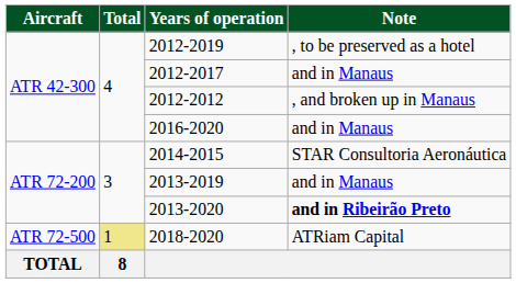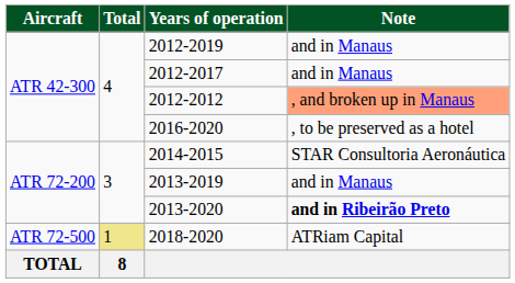 <table class="wikitable" style="margin: 1em auto;">
 <tr>
 <th style="background:#025324; color:white;">Aircraft</th>
 <th style="background:#025324; color:white;">Total</th>
 <th style="background:#025324; color:white;">Years of operation</th>
 <th style="background:#025324; color:white;">Note</th>
 </tr>
 <tr>
 <td rowspan="4"><div><a href='#'>ATR 42-300</a></div></td>
 <td rowspan="4"><div>4</div></td>
 <td><div>2012-2019</div></td>
-<td><div>, to be preserved as a hotel</div></td>
+<td><div> and  in <a href='#'>Manaus</a> </div></td>
 </tr>
 <tr>
 <td><div>2012-2017</div></td>
 <td><div> and  in <a href='#'>Manaus</a> </div></td>
 </tr>
 <tr>
 <td><div>2012-2012</div></td>
-<td><div>,  and broken up in <a href='#'>Manaus</a> </div></td>
+<td style="background: lightsalmon;"><div>,  and broken up in <a href='#'>Manaus</a> </div></td>
 </tr>
 <tr>
 <td><div>2016-2020</div></td>
-<td><div> and  in <a href='#'>Manaus</a> </div></td>
+<td><div>, to be preserved as a hotel</div></td>
 </tr>
 <tr>
 <td rowspan="3"><div><a href='#'>ATR 72-200</a></div></td>
 <td rowspan="3"><div>3</div></td>
 <td><div>2014-2015</div></td>
 <td><div> STAR Consultoria Aeronáutica</div></td>
 </tr>
 <tr>
 <td><div>2013-2019</div></td>
 <td><div> and  in <a href='#'>Manaus</a></div></td>
 </tr>
 <tr>
 <td><div>2013-2020</div></td>
 <td><strong><div> and  in <a href='#'>Ribeirão Preto</a></div></strong></td>
 </tr>
 <tr>
 <td rowspan="1"><div><a href='#'>ATR 72-500</a></div></td>
 <td rowspan="1" style="background: khaki;"><div>1</div></td>
 <td><div>2018-2020</div></td>
 <td><div> ATRiam Capital</div></td>
 </tr>
 <tr>
 <th>TOTAL</th>
 <th>8</th>
 <th colspan="4"></th>
 </tr>
 </table>
